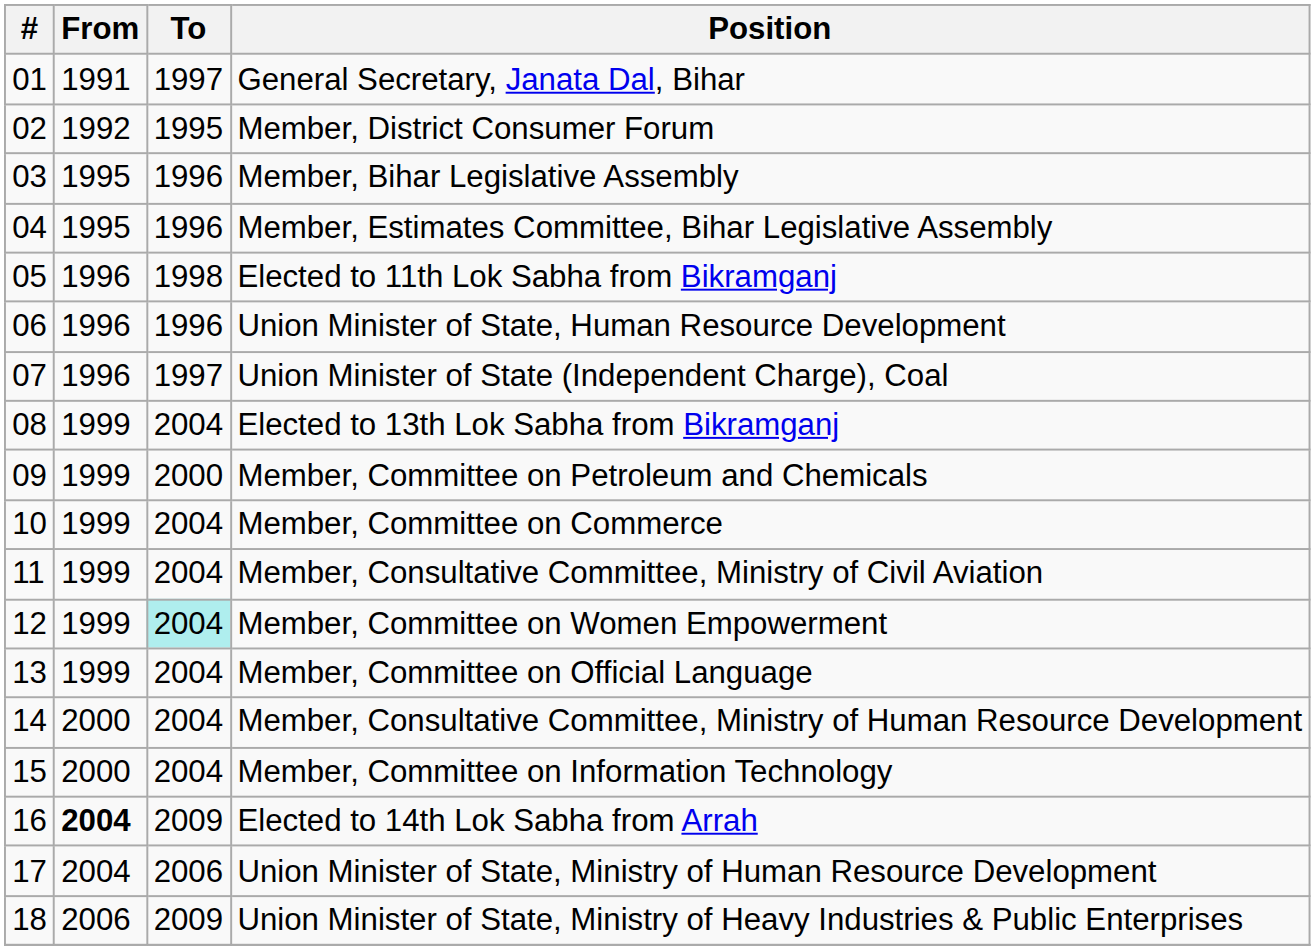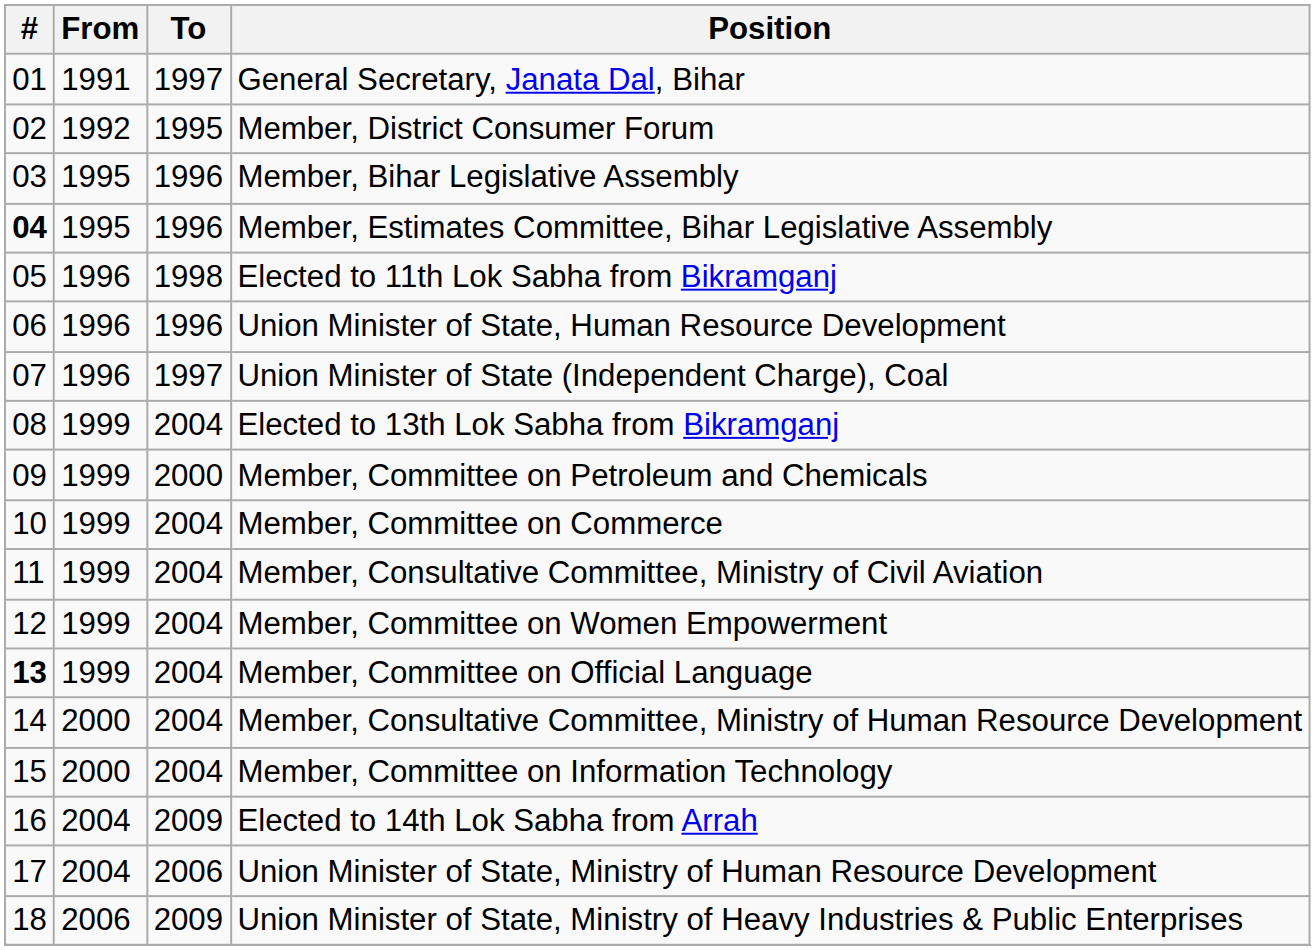 <table class="wikitable sortable">
 <tr>
 <th>#</th>
 <th>From</th>
 <th>To</th>
 <th>Position</th>
 </tr>
 <tr>
 <td>01</td>
 <td>1991</td>
 <td>1997</td>
 <td>General Secretary, <a href='#'>Janata Dal</a>, Bihar</td>
 </tr>
 <tr>
 <td>02</td>
 <td>1992</td>
 <td>1995</td>
 <td>Member, District Consumer Forum</td>
 </tr>
 <tr>
 <td>03</td>
 <td>1995</td>
 <td>1996</td>
 <td>Member, Bihar Legislative Assembly</td>
 </tr>
 <tr>
-<td>04</td>
+<td><strong>04</strong></td>
 <td>1995</td>
 <td>1996</td>
 <td>Member, Estimates Committee, Bihar Legislative Assembly</td>
 </tr>
 <tr>
 <td>05</td>
 <td>1996</td>
 <td>1998</td>
 <td>Elected to 11th  Lok Sabha from <a href='#'>Bikramganj</a></td>
 </tr>
 <tr>
 <td>06</td>
 <td>1996</td>
 <td>1996</td>
 <td>Union Minister of State, Human Resource Development</td>
 </tr>
 <tr>
 <td>07</td>
 <td>1996</td>
 <td>1997</td>
 <td>Union Minister of State (Independent Charge), Coal</td>
 </tr>
 <tr>
 <td>08</td>
 <td>1999</td>
 <td>2004</td>
 <td>Elected to 13th Lok Sabha from <a href='#'>Bikramganj</a></td>
 </tr>
 <tr>
 <td>09</td>
 <td>1999</td>
 <td>2000</td>
 <td>Member, Committee on Petroleum and Chemicals</td>
 </tr>
 <tr>
 <td>10</td>
 <td>1999</td>
 <td>2004</td>
 <td>Member, Committee on Commerce</td>
 </tr>
 <tr>
 <td>11</td>
 <td>1999</td>
 <td>2004</td>
 <td>Member, Consultative Committee, Ministry of Civil Aviation</td>
 </tr>
 <tr>
 <td>12</td>
 <td>1999</td>
-<td style="background: paleturquoise;">2004</td>
+<td>2004</td>
 <td>Member, Committee on Women Empowerment</td>
 </tr>
 <tr>
-<td>13</td>
+<td><strong>13</strong></td>
 <td>1999</td>
 <td>2004</td>
 <td>Member, Committee on Official Language</td>
 </tr>
 <tr>
 <td>14</td>
 <td>2000</td>
 <td>2004</td>
 <td>Member, Consultative Committee, Ministry of Human Resource Development</td>
 </tr>
 <tr>
 <td>15</td>
 <td>2000</td>
 <td>2004</td>
 <td>Member, Committee on Information Technology</td>
 </tr>
 <tr>
 <td>16</td>
-<td><strong>2004</strong></td>
+<td>2004</td>
 <td>2009</td>
 <td>Elected to 14th Lok Sabha from <a href='#'>Arrah</a></td>
 </tr>
 <tr>
 <td>17</td>
 <td>2004</td>
 <td>2006</td>
 <td>Union Minister of State, Ministry of Human Resource Development</td>
 </tr>
 <tr>
 <td>18</td>
 <td>2006</td>
 <td>2009</td>
 <td>Union Minister of State, Ministry of Heavy Industries & Public Enterprises</td>
 </tr>
 <tr>
 </tr>
 </table>
